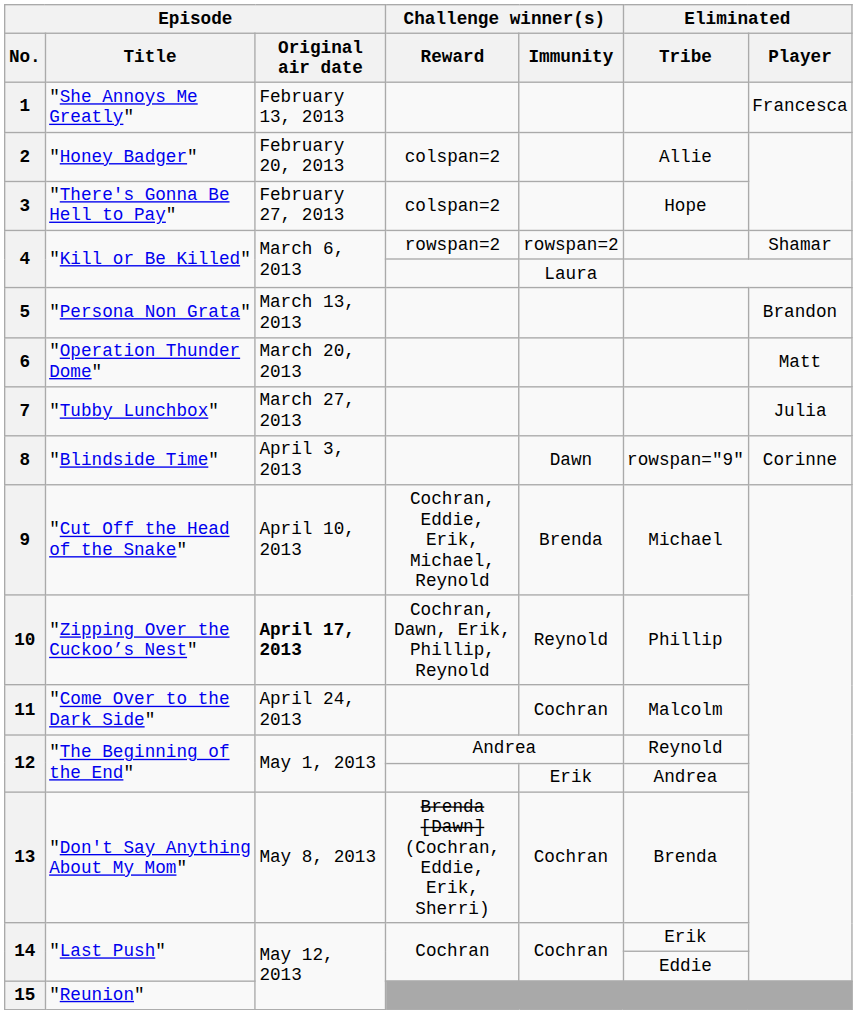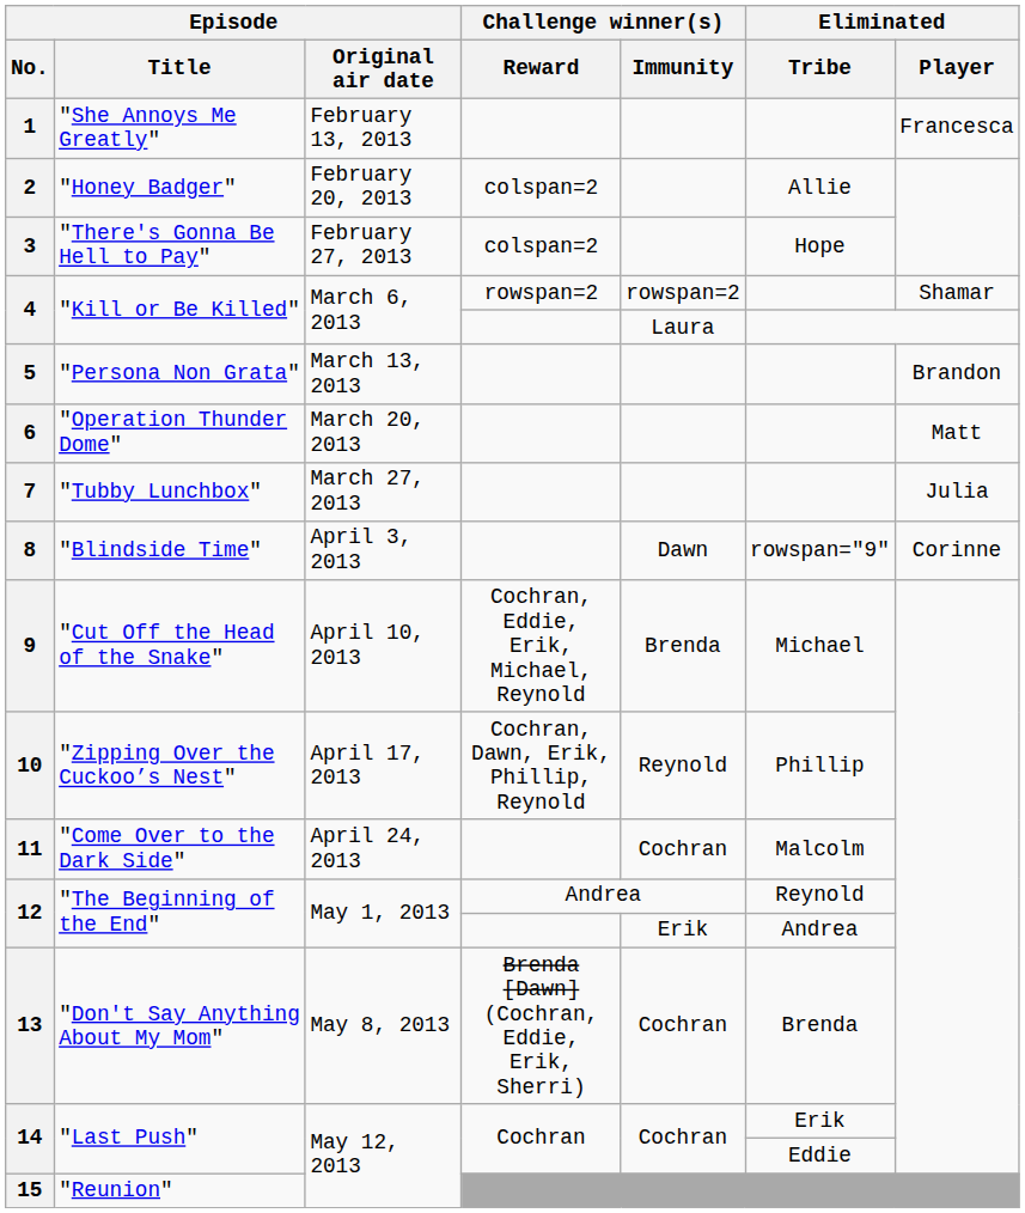 <table class="wikitable" style="margin:auto; text-align:center">
 <tr>
 <th colspan=3>Episode</th>
 <th colspan=2>Challenge winner(s)</th>
 <th colspan="2">Eliminated</th>
 </tr>
 <tr>
 <th>No.</th>
 <th>Title</th>
 <th>Original air date</th>
 <th>Reward</th>
 <th>Immunity</th>
 <th>Tribe</th>
 <th>Player</th>
 </tr>
 <tr>
 <th>1</th>
 <td align="left">"<a href='#'>She Annoys Me Greatly</a>"</td>
 <td align="left">February 13, 2013</td>
 <td></td>
 <td></td>
 <td></td>
 <td>Francesca</td>
 </tr>
 <tr>
 <th>2</th>
 <td align="left">"<a href='#'>Honey Badger</a>"</td>
 <td align="left">February 20, 2013</td>
 <td>colspan=2 </td>
 <td></td>
 <td>Allie</td>
 </tr>
 <tr>
 <th>3</th>
 <td align="left">"<a href='#'>There's Gonna Be Hell to Pay</a>"</td>
 <td align="left">February 27, 2013</td>
 <td>colspan=2 </td>
 <td></td>
 <td>Hope</td>
 </tr>
 <tr>
 <th rowspan=2>4</th>
 <td rowspan="2" style="text-align:left;">"<a href='#'>Kill or Be Killed</a>"</td>
 <td rowspan="2" style="text-align:left;">March 6, 2013</td>
 <td>rowspan=2 </td>
 <td>rowspan=2 </td>
 <td></td>
 <td>Shamar</td>
 </tr>
 <tr>
 <td></td>
 <td>Laura</td>
 </tr>
 <tr>
 <th>5</th>
 <td align="left">"<a href='#'>Persona Non Grata</a>"</td>
 <td align="left">March 13, 2013</td>
 <td></td>
 <td></td>
 <td></td>
 <td>Brandon</td>
 </tr>
 <tr>
 <th>6</th>
 <td align="left">"<a href='#'>Operation Thunder Dome</a>"</td>
 <td align="left">March 20, 2013</td>
 <td></td>
 <td></td>
 <td></td>
 <td>Matt</td>
 </tr>
 <tr>
 <th>7</th>
 <td align="left">"<a href='#'>Tubby Lunchbox</a>"</td>
 <td align="left">March 27, 2013</td>
 <td></td>
 <td></td>
 <td></td>
 <td>Julia</td>
 </tr>
 <tr>
 <th>8</th>
 <td align="left">"<a href='#'>Blindside Time</a>"</td>
 <td align="left">April 3, 2013</td>
 <td></td>
 <td>Dawn</td>
 <td>rowspan="9" </td>
 <td>Corinne</td>
 </tr>
 <tr>
 <th>9</th>
 <td align="left">"<a href='#'>Cut Off the Head of the Snake</a>"</td>
 <td align="left">April 10, 2013</td>
 <td>Cochran,<br>Eddie, Erik,<br>Michael, Reynold</td>
 <td>Brenda</td>
 <td>Michael</td>
 </tr>
 <tr>
 <th>10</th>
 <td align="left">"<a href='#'>Zipping Over the Cuckoo’s Nest</a>"</td>
-<td align="left"><strong>April 17, 2013</strong></td>
+<td align="left">April 17, 2013</td>
 <td>Cochran,<br>Dawn, Erik,<br>Phillip, Reynold</td>
 <td>Reynold</td>
 <td>Phillip</td>
 </tr>
 <tr>
 <th>11</th>
 <td align="left">"<a href='#'>Come Over to the Dark Side</a>"</td>
 <td align="left">April 24, 2013</td>
 <td></td>
 <td>Cochran</td>
 <td>Malcolm</td>
 </tr>
 <tr>
 <th rowspan=2>12</th>
 <td rowspan="2" style="text-align:left;">"<a href='#'>The Beginning of the End</a>"</td>
 <td rowspan="2" style="text-align:left;">May 1, 2013</td>
 <td colspan=2>Andrea</td>
 <td>Reynold</td>
 </tr>
 <tr>
 <td></td>
 <td>Erik</td>
 <td>Andrea</td>
 </tr>
 <tr>
 <th>13</th>
 <td align="left">"<a href='#'>Don't Say Anything About My Mom</a>"</td>
 <td align="left">May 8, 2013</td>
 <td><s>Brenda<br>[Dawn]</s><br>(Cochran, Eddie,<br>Erik, Sherri)</td>
 <td>Cochran</td>
 <td>Brenda</td>
 </tr>
 <tr>
 <th rowspan=2>14</th>
 <td rowspan="2" style="text-align:left;">"<a href='#'>Last Push</a>"</td>
 <td rowspan="3" style="text-align:left;">May 12, 2013</td>
 <td rowspan=2>Cochran</td>
 <td rowspan=2>Cochran</td>
 <td>Erik</td>
 </tr>
 <tr>
 <td>Eddie</td>
 </tr>
 <tr>
 <th>15</th>
 <td style="text-align:left;">"<a href='#'>Reunion</a>"</td>
 <td colspan="4" style="background:darkgrey;"></td>
 </tr>
 </table>
